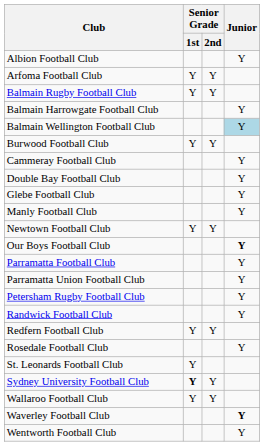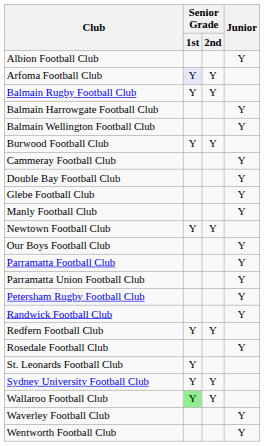 <table class="wikitable sortable mw-collapsible" style="text-align:center;">
 <tr>
 <th width="260" rowspan="2">Club</th>
 <th colspan="2">Senior Grade</th>
 <th colspan="2" rowspan="2">Junior</th>
 </tr>
 <tr>
 <th width="20" abbr="First">1st</th>
 <th width="20" abbr="Second">2nd</th>
 </tr>
 <tr>
 <td style="text-align:left;">Albion Football Club</td>
 <td></td>
 <td></td>
 <td>Y</td>
 </tr>
 <tr>
 <td style="text-align:left;"> Arfoma Football Club</td>
-<td>Y</td>
+<td style="background: lavender;">Y</td>
 <td>Y</td>
 <td></td>
 </tr>
 <tr>
 <td style="text-align:left;"> <a href='#'>Balmain Rugby Football Club</a></td>
 <td>Y</td>
 <td>Y</td>
 <td></td>
 </tr>
 <tr>
 <td style="text-align:left;">Balmain Harrowgate Football Club</td>
 <td></td>
 <td></td>
 <td>Y</td>
 </tr>
 <tr>
 <td style="text-align:left;"> Balmain Wellington Football Club</td>
 <td></td>
 <td></td>
-<td style="background: lightblue;">Y</td>
+<td>Y</td>
 </tr>
 <tr>
 <td style="text-align:left;"> Burwood Football Club</td>
 <td>Y</td>
 <td>Y</td>
 <td></td>
 </tr>
 <tr>
 <td style="text-align:left;">Cammeray Football Club</td>
 <td></td>
 <td></td>
 <td>Y</td>
 </tr>
 <tr>
 <td style="text-align:left;">Double Bay Football Club</td>
 <td></td>
 <td></td>
 <td>Y</td>
 </tr>
 <tr>
 <td style="text-align:left;">Glebe Football Club</td>
 <td></td>
 <td></td>
 <td>Y</td>
 </tr>
 <tr>
 <td style="text-align:left;">Manly Football Club</td>
 <td></td>
 <td></td>
 <td>Y</td>
 </tr>
 <tr>
 <td style="text-align:left;"> Newtown Football Club</td>
 <td>Y</td>
 <td>Y</td>
 <td></td>
 </tr>
 <tr>
 <td style="text-align:left;">Our Boys Football Club</td>
 <td></td>
 <td></td>
-<td><strong>Y</strong></td>
+<td>Y</td>
 </tr>
 <tr>
 <td style="text-align:left;"><a href='#'>Parramatta Football Club</a></td>
 <td></td>
 <td></td>
 <td>Y</td>
 </tr>
 <tr>
 <td style="text-align:left;">Parramatta Union Football Club</td>
 <td></td>
 <td></td>
 <td>Y</td>
 </tr>
 <tr>
 <td style="text-align:left;"> <a href='#'>Petersham Rugby Football Club</a></td>
 <td></td>
 <td></td>
 <td>Y</td>
 </tr>
 <tr>
 <td style="text-align:left;"> <a href='#'>Randwick Football Club</a></td>
 <td></td>
 <td></td>
 <td>Y</td>
 </tr>
 <tr>
 <td style="text-align:left;"> Redfern Football Club</td>
 <td>Y</td>
 <td>Y</td>
 <td></td>
 </tr>
 <tr>
 <td style="text-align:left;"> Rosedale Football Club</td>
 <td></td>
 <td></td>
 <td>Y</td>
 </tr>
 <tr>
 <td style="text-align:left;">St. Leonards Football Club</td>
 <td>Y</td>
 <td></td>
 <td></td>
 </tr>
 <tr>
 <td style="text-align:left;"> <a href='#'>Sydney University Football Club</a></td>
-<td><strong>Y</strong></td>
+<td>Y</td>
 <td>Y</td>
 <td></td>
 </tr>
 <tr>
 <td style="text-align:left;"> Wallaroo Football Club</td>
-<td>Y</td>
+<td style="background: lightgreen;">Y</td>
 <td>Y</td>
 <td></td>
 </tr>
 <tr>
 <td style="text-align:left;">Waverley Football Club</td>
 <td></td>
 <td></td>
-<td><strong>Y</strong></td>
+<td>Y</td>
 </tr>
 <tr>
 <td style="text-align:left;">Wentworth Football Club</td>
 <td></td>
 <td></td>
 <td>Y</td>
 </tr>
 </table>
